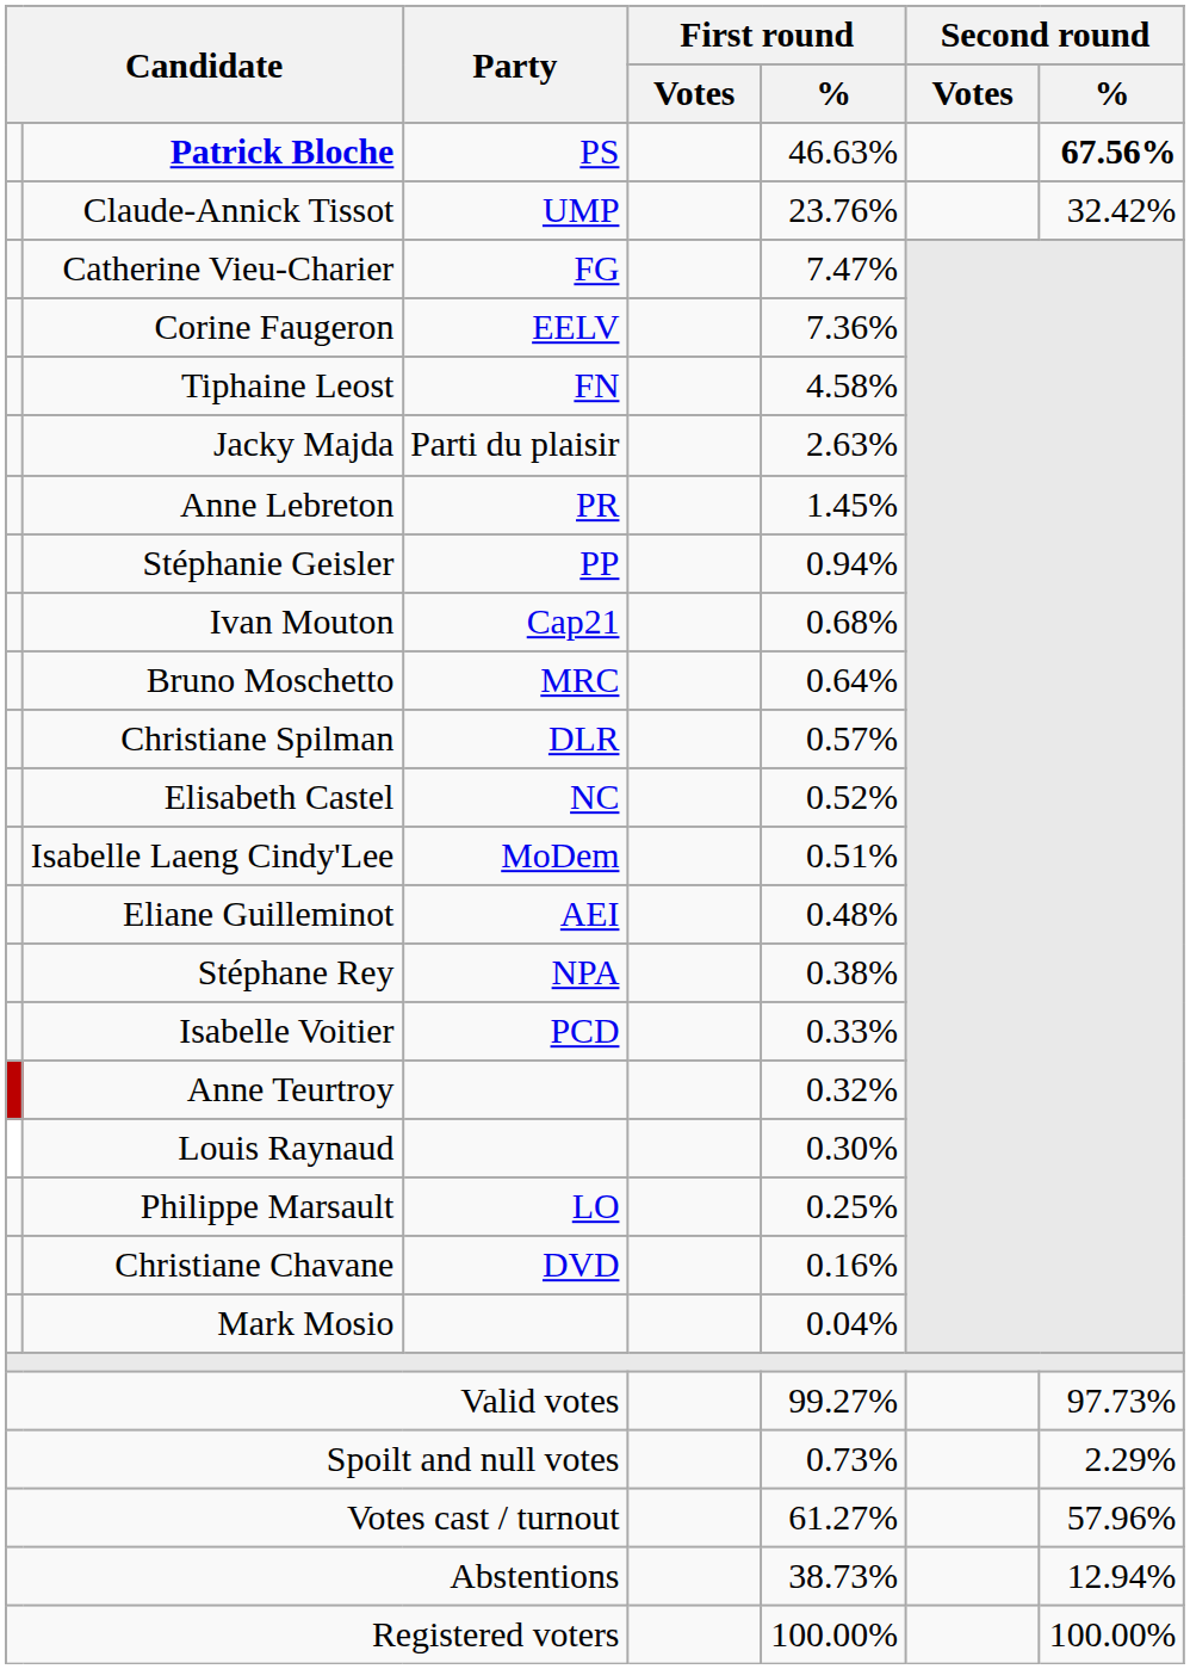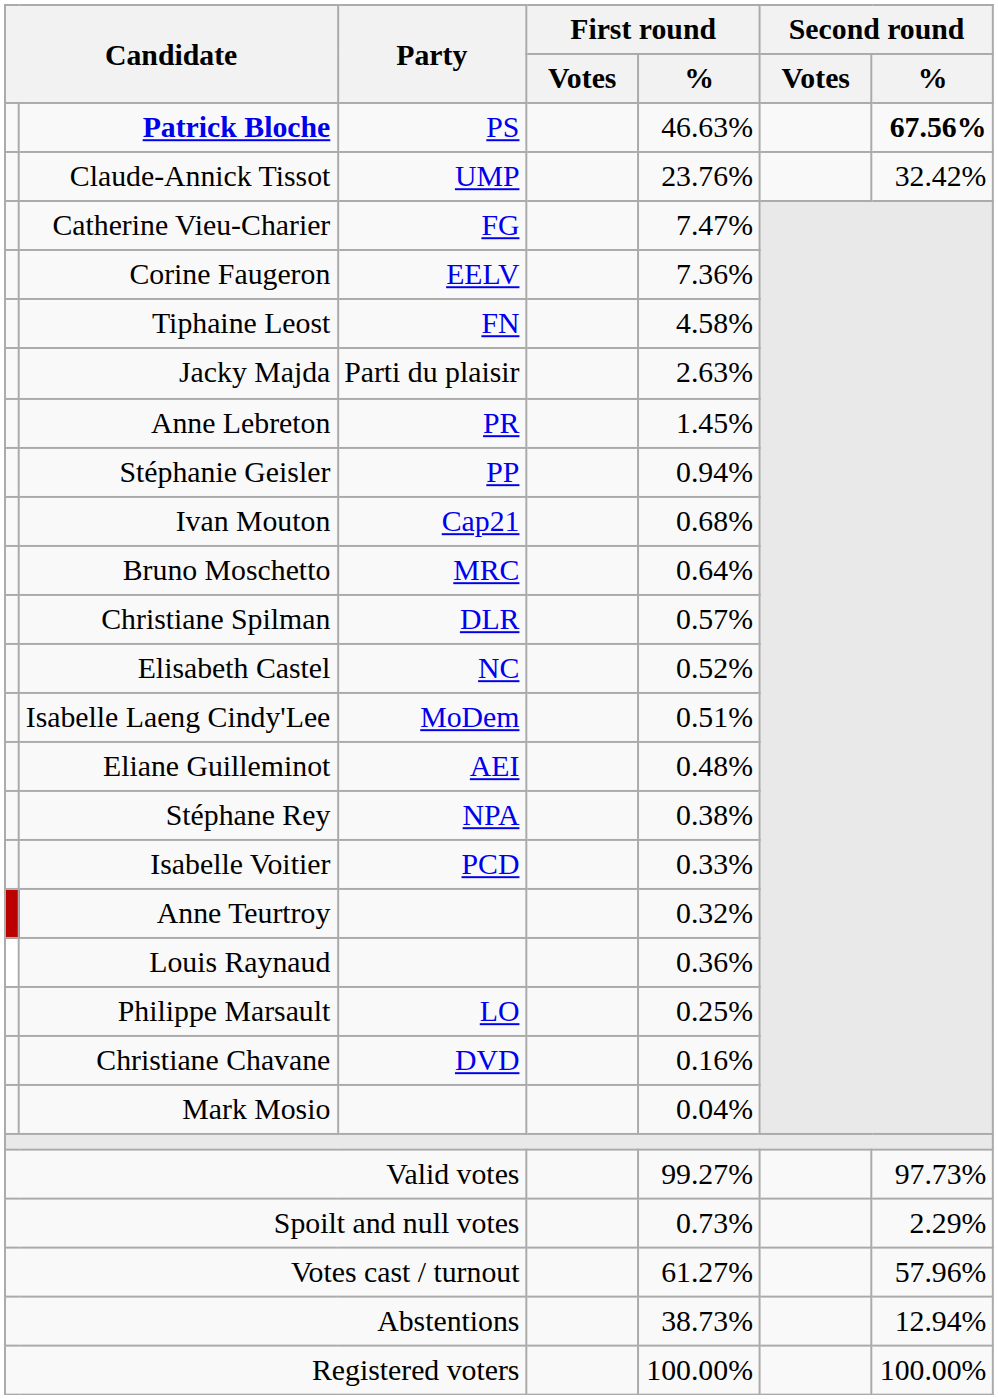 <table class="wikitable" style="text-align:right;font-size:95%;">
 <tr>
 <th rowspan=2 colspan=2>Candidate</th>
 <th rowspan=2 colspan=1>Party</th>
 <th colspan=2>First round</th>
 <th colspan=2>Second round</th>
 </tr>
 <tr>
 <th style="width:50px;">Votes</th>
 <th style="width:55px;">%</th>
 <th style="width:50px;">Votes</th>
 <th style="width:55px;">%</th>
 </tr>
 <tr>
 <td style="color:inherit;background-color:"></td>
 <td><strong><a href='#'>Patrick Bloche</a></strong></td>
 <td><a href='#'>PS</a></td>
 <td></td>
 <td>46.63%</td>
 <td><strong></strong></td>
 <td><strong>67.56%</strong></td>
 </tr>
 <tr>
 <td style="color:inherit;background-color:"></td>
 <td>Claude-Annick Tissot</td>
 <td><a href='#'>UMP</a></td>
 <td></td>
 <td>23.76%</td>
 <td></td>
 <td>32.42%</td>
 </tr>
 <tr>
 <td style="color:inherit;background-color:"></td>
 <td>Catherine Vieu-Charier</td>
 <td><a href='#'>FG</a></td>
 <td></td>
 <td>7.47%</td>
 <td colspan=7 rowspan=19 style="background-color:#E9E9E9;"></td>
 </tr>
 <tr>
 <td style="color:inherit;background-color:"></td>
 <td>Corine Faugeron</td>
 <td><a href='#'>EELV</a></td>
 <td></td>
 <td>7.36%</td>
 </tr>
 <tr>
 <td style="color:inherit;background-color:"></td>
 <td>Tiphaine Leost</td>
 <td><a href='#'>FN</a></td>
 <td></td>
 <td>4.58%</td>
 </tr>
 <tr>
 <td style="color:inherit;background-color:"></td>
 <td>Jacky Majda</td>
 <td>Parti du plaisir</td>
 <td></td>
 <td>2.63%</td>
 </tr>
 <tr>
 <td style="color:inherit;background-color:"></td>
 <td>Anne Lebreton</td>
 <td><a href='#'>PR</a></td>
 <td></td>
 <td>1.45%</td>
 </tr>
 <tr>
 <td style="color:inherit;background-color:"></td>
 <td>Stéphanie Geisler</td>
 <td><a href='#'>PP</a></td>
 <td></td>
 <td>0.94%</td>
 </tr>
 <tr>
 <td style="color:inherit;background-color:"></td>
 <td>Ivan Mouton</td>
 <td><a href='#'>Cap21</a></td>
 <td></td>
 <td>0.68%</td>
 </tr>
 <tr>
 <td style="color:inherit;background-color:"></td>
 <td>Bruno Moschetto</td>
 <td><a href='#'>MRC</a></td>
 <td></td>
 <td>0.64%</td>
 </tr>
 <tr>
 <td style="color:inherit;background-color:"></td>
 <td>Christiane Spilman</td>
 <td><a href='#'>DLR</a></td>
 <td></td>
 <td>0.57%</td>
 </tr>
 <tr>
 <td style="color:inherit;background-color:"></td>
 <td>Elisabeth Castel</td>
 <td><a href='#'>NC</a></td>
 <td></td>
 <td>0.52%</td>
 </tr>
 <tr>
 <td style="color:inherit;background-color:"></td>
 <td>Isabelle Laeng Cindy'Lee</td>
 <td><a href='#'>MoDem</a></td>
 <td></td>
 <td>0.51%</td>
 </tr>
 <tr>
 <td style="color:inherit;background-color:"></td>
 <td>Eliane Guilleminot</td>
 <td><a href='#'>AEI</a></td>
 <td></td>
 <td>0.48%</td>
 </tr>
 <tr>
 <td style="color:inherit;background-color:"></td>
 <td>Stéphane Rey</td>
 <td><a href='#'>NPA</a></td>
 <td></td>
 <td>0.38%</td>
 </tr>
 <tr>
 <td style="color:inherit;background-color:"></td>
 <td>Isabelle Voitier</td>
 <td><a href='#'>PCD</a></td>
 <td></td>
 <td>0.33%</td>
 </tr>
 <tr>
 <td style="color:inherit;background-color:#bb0000;"></td>
 <td>Anne Teurtroy</td>
 <td></td>
 <td></td>
 <td>0.32%</td>
 </tr>
 <tr>
 <td style="color:inherit;background-color:#ffffff;"></td>
 <td>Louis Raynaud</td>
 <td></td>
 <td></td>
-<td>0.30%</td>
+<td>0.36%</td>
 </tr>
 <tr>
 <td style="color:inherit;background-color:"></td>
 <td>Philippe Marsault</td>
 <td><a href='#'>LO</a></td>
 <td></td>
 <td>0.25%</td>
 </tr>
 <tr>
 <td style="color:inherit;background-color:"></td>
 <td>Christiane Chavane</td>
 <td><a href='#'>DVD</a> </td>
 <td></td>
 <td>0.16%</td>
 </tr>
 <tr>
 <td style="color:inherit;background-color:"></td>
 <td>Mark Mosio</td>
 <td></td>
 <td></td>
 <td>0.04%</td>
 </tr>
 <tr>
 <td colspan=7 style="background-color:#E9E9E9;"></td>
 </tr>
 <tr>
 <td colspan=3>Valid votes</td>
 <td></td>
 <td>99.27%</td>
 <td></td>
 <td>97.73%</td>
 </tr>
 <tr>
 <td colspan=3>Spoilt and null votes</td>
 <td></td>
 <td>0.73%</td>
 <td></td>
 <td>2.29%</td>
 </tr>
 <tr>
 <td colspan=3>Votes cast / turnout</td>
 <td></td>
 <td>61.27%</td>
 <td></td>
 <td>57.96%</td>
 </tr>
 <tr>
 <td colspan=3>Abstentions</td>
 <td></td>
 <td>38.73%</td>
 <td></td>
 <td>12.94%</td>
 </tr>
 <tr>
 <td colspan=3>Registered voters</td>
 <td></td>
 <td>100.00%</td>
 <td></td>
 <td>100.00%</td>
 </tr>
 </table>
